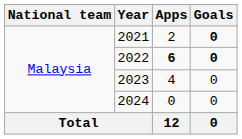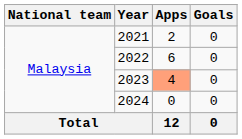 <table class="wikitable" style="text-align:center">
 <tr>
 <th>National team</th>
 <th>Year</th>
 <th>Apps</th>
 <th>Goals</th>
 </tr>
 <tr>
 <td rowspan=4><a href='#'>Malaysia</a></td>
 <td>2021</td>
 <td>2</td>
-<td><strong>0</strong></td>
+<td>0</td>
 </tr>
 <tr>
 <td>2022</td>
-<td><strong>6</strong></td>
-<td><strong>0</strong></td>
+<td>6</td>
+<td>0</td>
 </tr>
 <tr>
 <td>2023</td>
-<td>4</td>
+<td style="background: lightsalmon;">4</td>
 <td>0</td>
 </tr>
 <tr>
 <td>2024</td>
 <td>0</td>
 <td>0</td>
 </tr>
 <tr>
 <th colspan=2>Total</th>
 <th>12</th>
 <th>0</th>
 </tr>
 </table>
